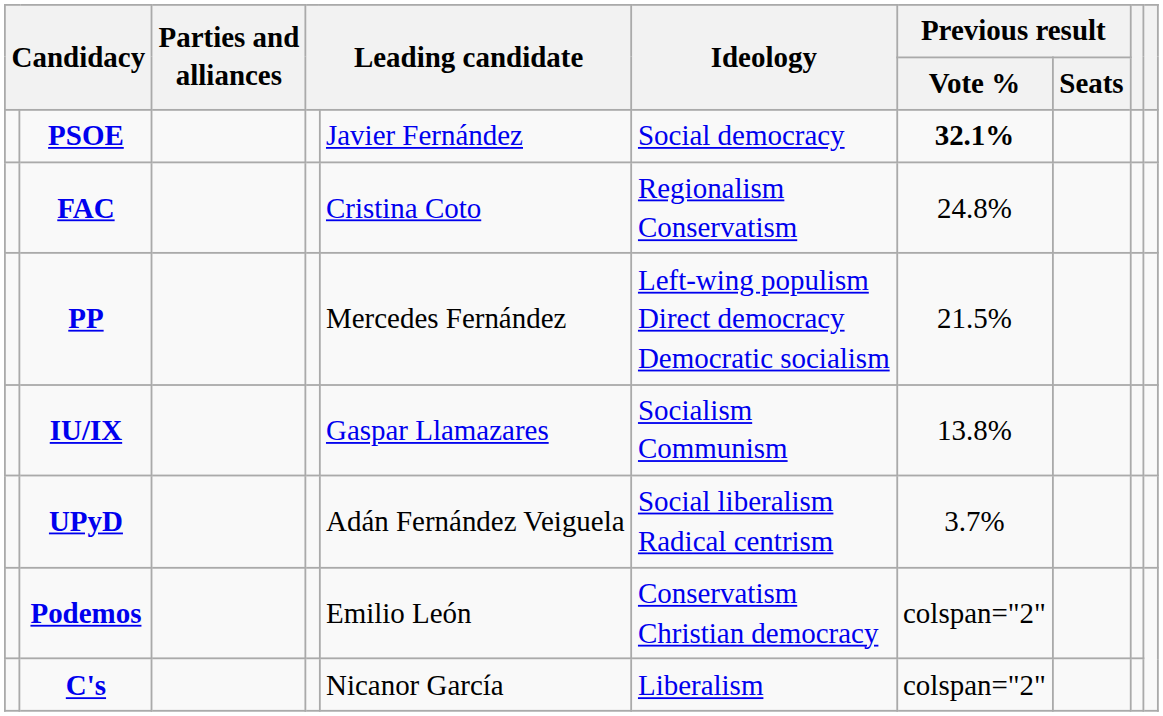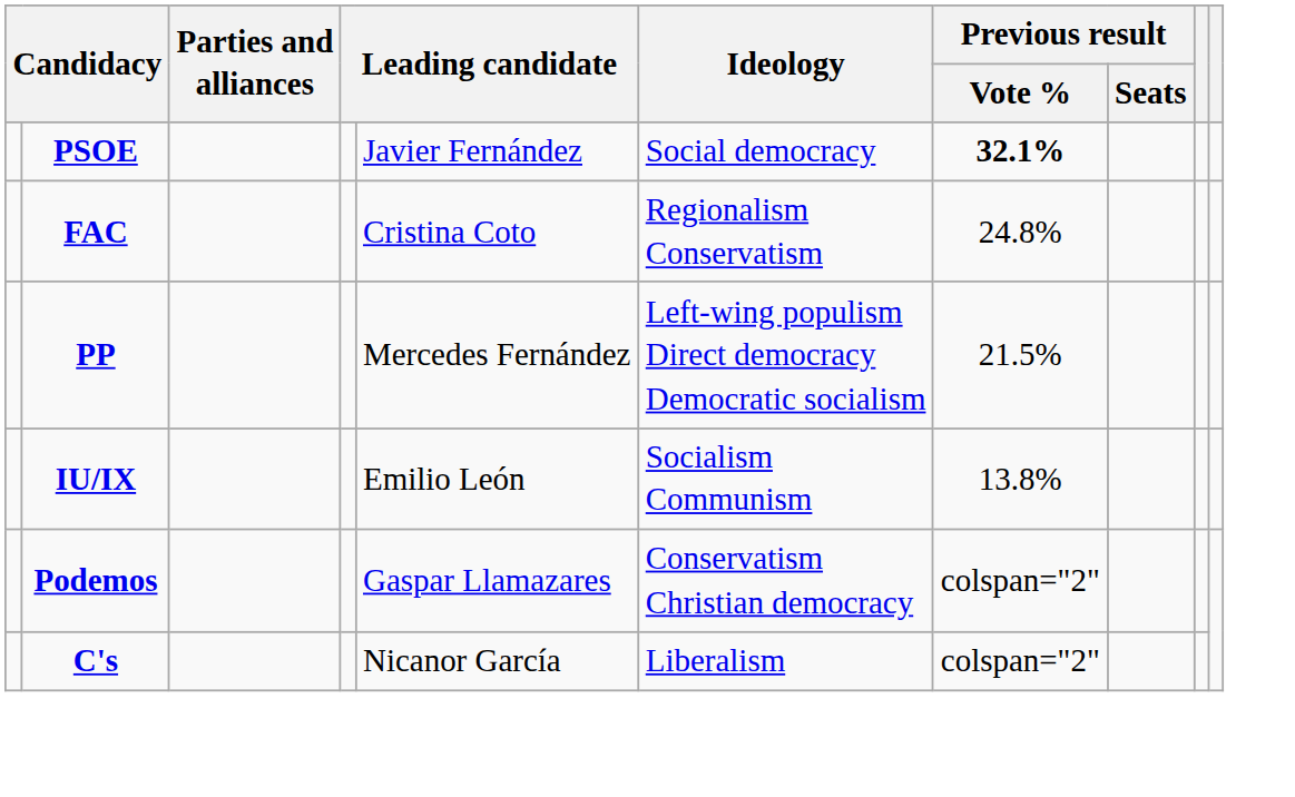 <table class="wikitable" style="line-height:1.35em; text-align:left;">
 <tr>
 <th colspan="2" rowspan="2">Candidacy</th>
 <th rowspan="2">Parties and<br>alliances</th>
 <th colspan="2" rowspan="2">Leading candidate</th>
 <th rowspan="2">Ideology</th>
 <th colspan="2">Previous result</th>
 <th rowspan="2"></th>
 <th rowspan="2"></th>
 </tr>
 <tr>
 <th>Vote %</th>
 <th>Seats</th>
 </tr>
 <tr>
 <td width="1" style="color:inherit;background:"></td>
 <td align="center"><strong><a href='#'>PSOE</a></strong></td>
 <td></td>
 <td></td>
 <td><a href='#'>Javier Fernández</a></td>
 <td><a href='#'>Social democracy</a></td>
 <td align="center"><strong>32.1%</strong></td>
 <td></td>
 <td></td>
 <td></td>
 </tr>
 <tr>
 <td style="color:inherit;background:"></td>
 <td align="center"><strong><a href='#'>FAC</a></strong></td>
 <td></td>
 <td></td>
 <td><a href='#'>Cristina Coto</a></td>
 <td><a href='#'>Regionalism</a><br><a href='#'>Conservatism</a></td>
 <td align="center">24.8%</td>
 <td></td>
 <td></td>
 <td></td>
 </tr>
 <tr>
 <td style="color:inherit;background:"></td>
 <td align="center"><strong><a href='#'>PP</a></strong></td>
 <td></td>
 <td></td>
 <td>Mercedes Fernández</td>
 <td><a href='#'>Left-wing populism</a><br><a href='#'>Direct democracy</a><br><a href='#'>Democratic socialism</a></td>
 <td align="center">21.5%</td>
 <td></td>
 <td></td>
 <td></td>
 </tr>
 <tr>
 <td style="color:inherit;background:"></td>
 <td align="center"><strong><a href='#'>IU/IX</a></strong></td>
 <td></td>
 <td></td>
-<td><a href='#'>Gaspar Llamazares</a></td>
+<td>Emilio León</td>
 <td><a href='#'>Socialism</a><br><a href='#'>Communism</a></td>
 <td align="center">13.8%</td>
-<td></td>
-<td></td>
-<td></td>
-</tr>
-<tr>
-<td style="color:inherit;background:"></td>
-<td align="center"><strong><a href='#'>UPyD</a></strong></td>
-<td></td>
-<td></td>
-<td>Adán Fernández Veiguela</td>
-<td><a href='#'>Social liberalism</a><br><a href='#'>Radical centrism</a></td>
-<td align="center">3.7%</td>
 <td></td>
 <td></td>
 <td></td>
 </tr>
 <tr>
 <td style="color:inherit;background:"></td>
 <td align="center"><strong><a href='#'>Podemos</a></strong></td>
 <td></td>
 <td></td>
-<td>Emilio León</td>
+<td><a href='#'>Gaspar Llamazares</a></td>
 <td><a href='#'>Conservatism</a><br><a href='#'>Christian democracy</a></td>
 <td>colspan="2" </td>
 <td></td>
 <td></td>
 </tr>
 <tr>
 <td style="color:inherit;background:"></td>
 <td align="center"><strong><a href='#'>C's</a></strong></td>
 <td></td>
 <td></td>
 <td>Nicanor García</td>
 <td><a href='#'>Liberalism</a></td>
 <td>colspan="2" </td>
 <td></td>
 <td></td>
 </tr>
 </table>
